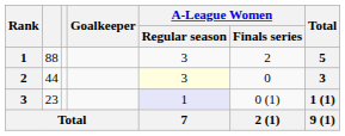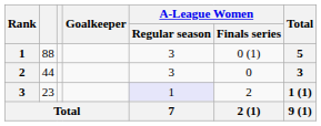 <table class="wikitable" style="text-align:center">
 <tr>
 <th rowspan="2">Rank</th>
 <th rowspan="2"></th>
 <th rowspan="2"></th>
 <th rowspan="2">Goalkeeper</th>
 <th colspan="2"><a href='#'>A-League Women</a></th>
 <th rowspan="2">Total</th>
 </tr>
 <tr>
 <th>Regular season</th>
 <th>Finals series</th>
 </tr>
 <tr>
 <th>1</th>
 <td>88</td>
 <td></td>
 <td align="left"></td>
 <td>3</td>
-<td>2</td>
+<td>0 (1)</td>
 <th>5</th>
 </tr>
 <tr>
 <th>2</th>
 <td>44</td>
 <td></td>
 <td align="left"></td>
-<td style="background: lightyellow;">3</td>
+<td>3</td>
 <td>0</td>
 <th>3</th>
 </tr>
 <tr>
 <th>3</th>
 <td>23</td>
 <td></td>
 <td align="left"></td>
 <td style="background: lavender;">1</td>
-<td>0 (1)</td>
+<td>2</td>
 <th>1 (1)</th>
 </tr>
 <tr>
 <th colspan="4">Total</th>
 <th>7</th>
 <th>2 (1)</th>
 <th>9 (1)</th>
 </tr>
 </table>
